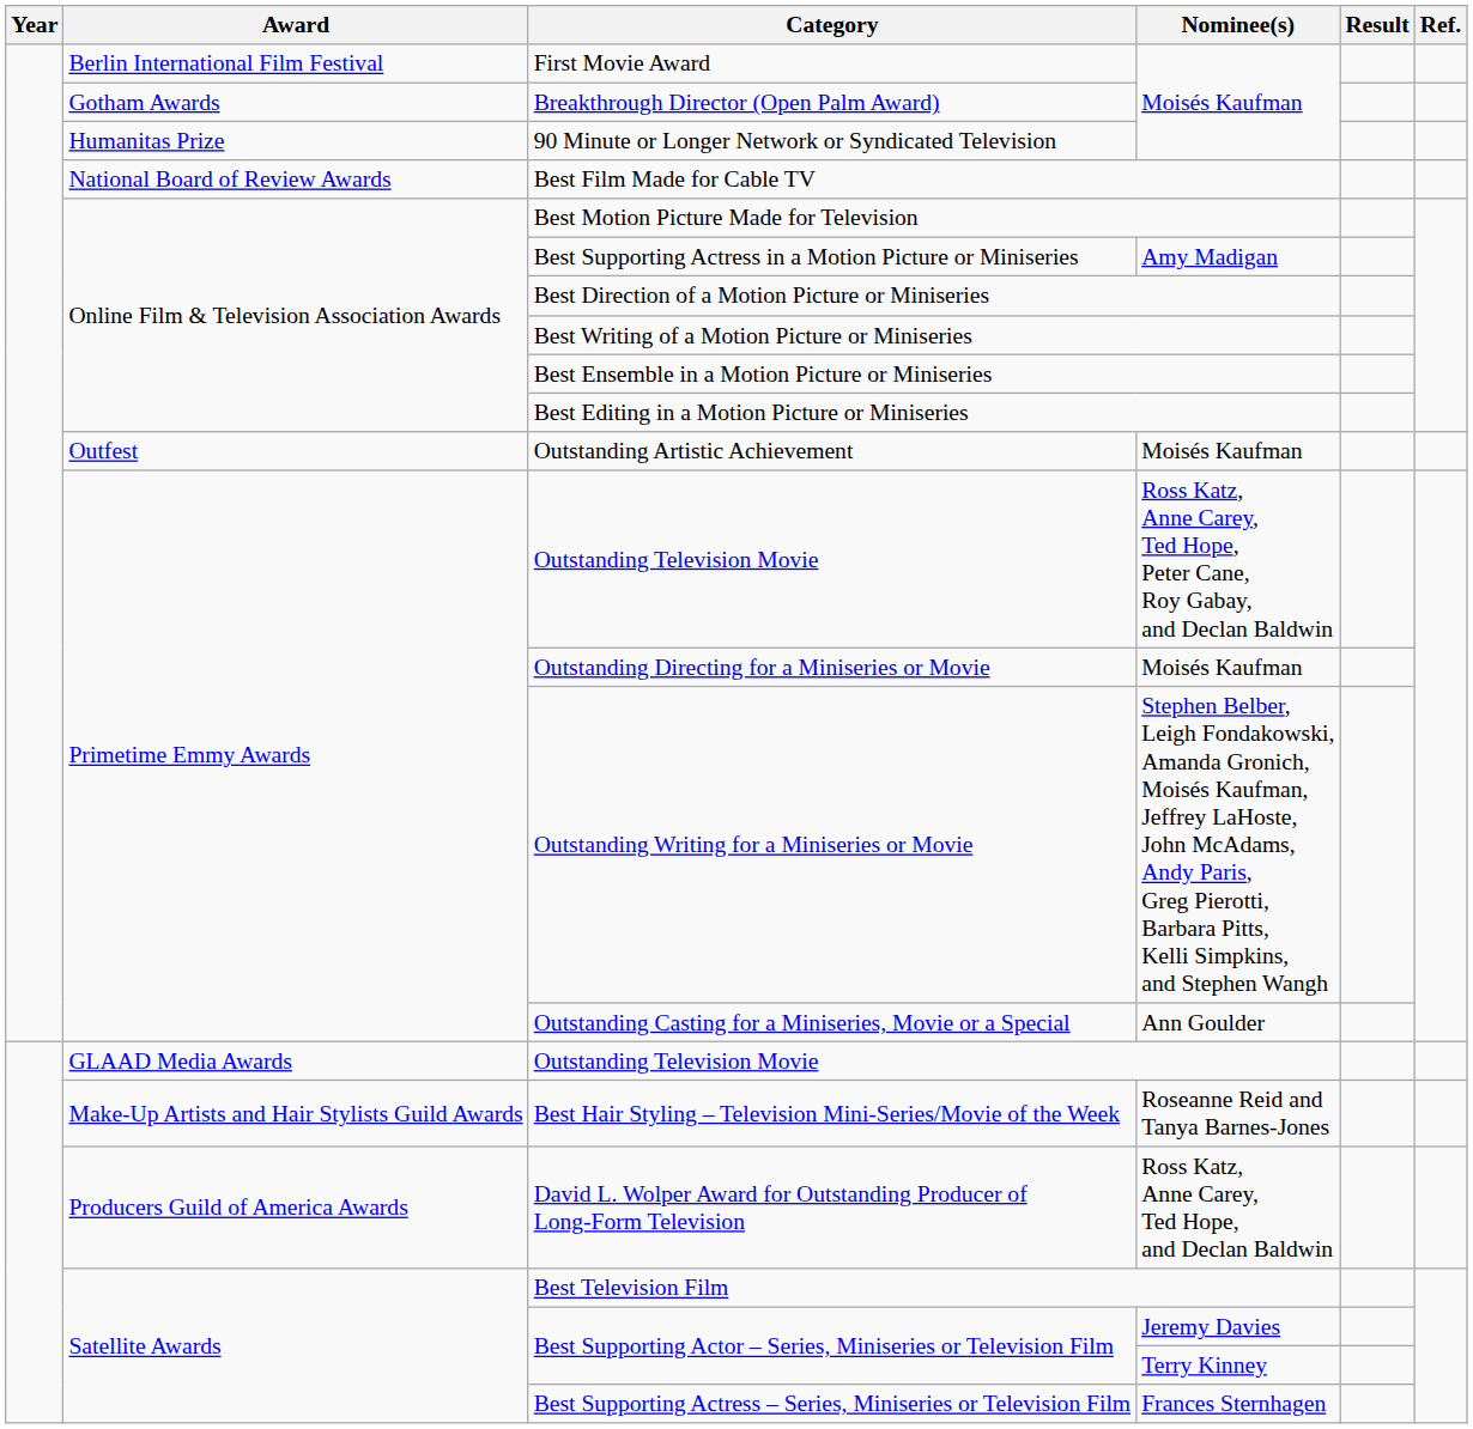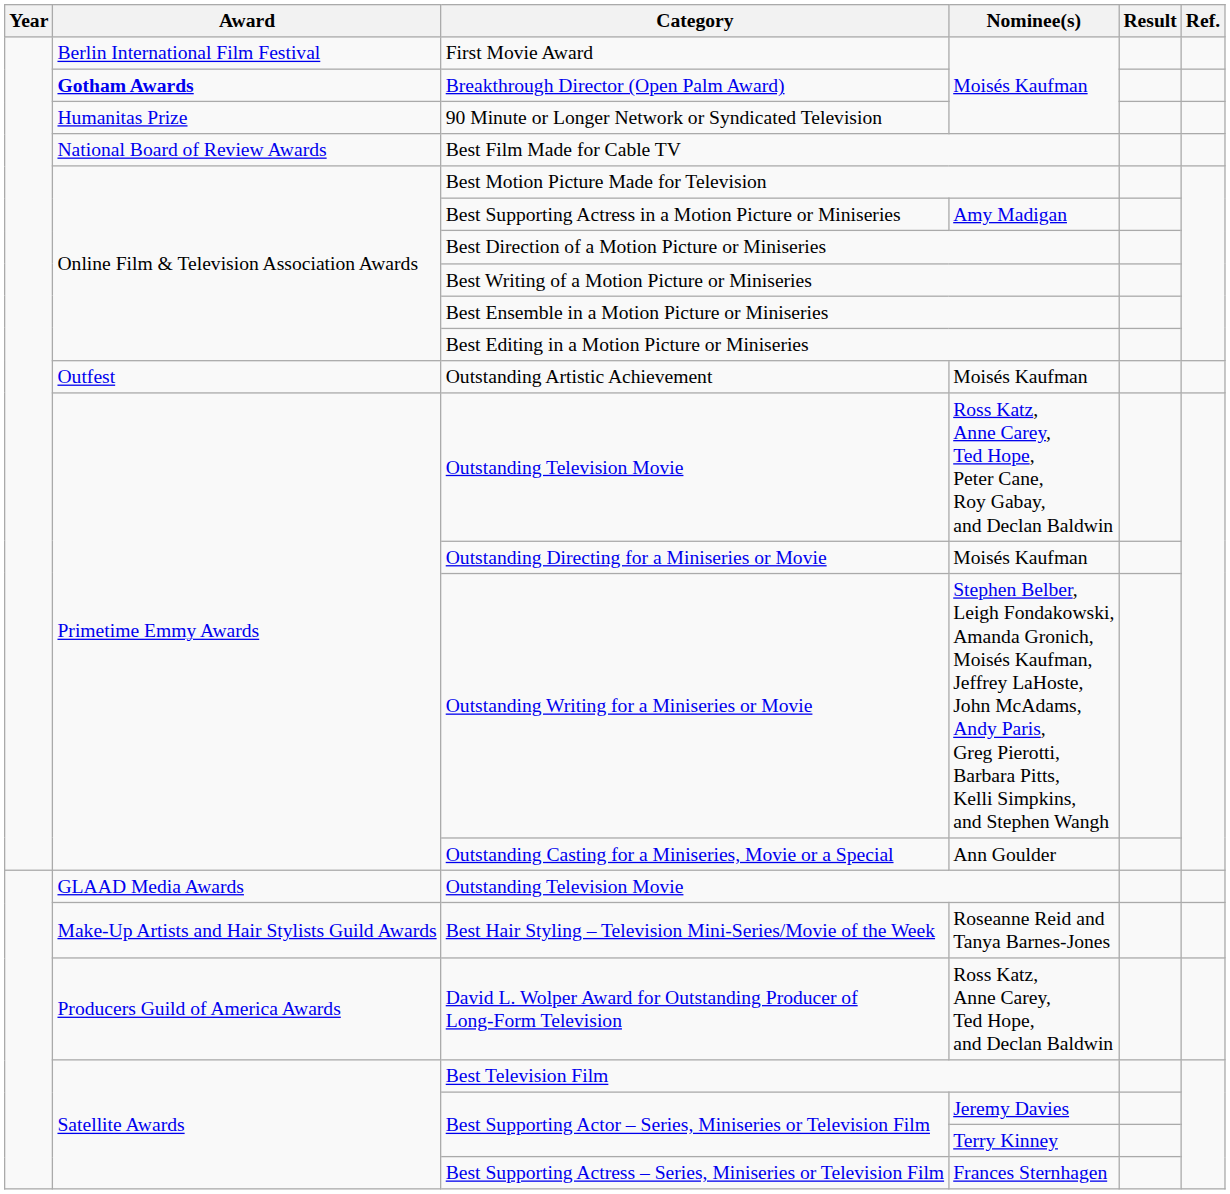 <table class="wikitable sortable" style="font-size: 95%;">
 <tr>
 <th>Year</th>
 <th>Award</th>
 <th>Category</th>
 <th>Nominee(s)</th>
 <th>Result</th>
 <th>Ref.</th>
 </tr>
 <tr>
 <td rowspan="15"></td>
 <td><a href='#'>Berlin International Film Festival</a></td>
 <td>First Movie Award</td>
 <td rowspan="3"><a href='#'>Moisés Kaufman</a></td>
 <td></td>
 <td align="center"></td>
 </tr>
 <tr>
-<td><a href='#'>Gotham Awards</a></td>
+<td><strong><a href='#'>Gotham Awards</a></strong></td>
 <td><a href='#'>Breakthrough Director (Open Palm Award)</a></td>
 <td></td>
 <td align="center"></td>
 </tr>
 <tr>
 <td><a href='#'>Humanitas Prize</a></td>
 <td>90 Minute or Longer Network or Syndicated Television</td>
 <td></td>
 <td align="center"></td>
 </tr>
 <tr>
 <td><a href='#'>National Board of Review Awards</a></td>
 <td colspan="2">Best Film Made for Cable TV</td>
 <td></td>
 <td align="center"></td>
 </tr>
 <tr>
 <td rowspan="6">Online Film & Television Association Awards</td>
 <td colspan="2">Best Motion Picture Made for Television</td>
 <td></td>
 <td align="center" rowspan="6"></td>
 </tr>
 <tr>
 <td>Best Supporting Actress in a Motion Picture or Miniseries</td>
 <td><a href='#'>Amy Madigan</a></td>
 <td></td>
 </tr>
 <tr>
 <td colspan="2">Best Direction of a Motion Picture or Miniseries</td>
 <td></td>
 </tr>
 <tr>
 <td colspan="2">Best Writing of a Motion Picture or Miniseries</td>
 <td></td>
 </tr>
 <tr>
 <td colspan="2">Best Ensemble in a Motion Picture or Miniseries</td>
 <td></td>
 </tr>
 <tr>
 <td colspan="2">Best Editing in a Motion Picture or Miniseries</td>
 <td></td>
 </tr>
 <tr>
 <td><a href='#'>Outfest</a></td>
 <td>Outstanding Artistic Achievement</td>
 <td>Moisés Kaufman</td>
 <td></td>
 <td align="center"></td>
 </tr>
 <tr>
 <td rowspan="4"><a href='#'>Primetime Emmy Awards</a></td>
 <td><a href='#'>Outstanding Television Movie</a></td>
 <td><a href='#'>Ross Katz</a>, <br> <a href='#'>Anne Carey</a>, <br> <a href='#'>Ted Hope</a>, <br> Peter Cane, <br> Roy Gabay, <br> and Declan Baldwin</td>
 <td></td>
 <td align="center" rowspan="4"></td>
 </tr>
 <tr>
 <td><a href='#'>Outstanding Directing for a Miniseries or Movie</a></td>
 <td>Moisés Kaufman</td>
 <td></td>
 </tr>
 <tr>
 <td><a href='#'>Outstanding Writing for a Miniseries or Movie</a></td>
 <td><a href='#'>Stephen Belber</a>, <br> Leigh Fondakowski, <br> Amanda Gronich, <br> Moisés Kaufman, <br> Jeffrey LaHoste, <br> John McAdams, <br> <a href='#'>Andy Paris</a>, <br> Greg Pierotti, <br> Barbara Pitts, <br> Kelli Simpkins, <br> and Stephen Wangh</td>
 <td></td>
 </tr>
 <tr>
 <td><a href='#'>Outstanding Casting for a Miniseries, Movie or a Special</a></td>
 <td>Ann Goulder</td>
 <td></td>
 </tr>
 <tr>
 <td rowspan="7"></td>
 <td><a href='#'>GLAAD Media Awards</a></td>
 <td colspan="2"><a href='#'>Outstanding Television Movie</a></td>
 <td></td>
 <td align="center"></td>
 </tr>
 <tr>
 <td><a href='#'>Make-Up Artists and Hair Stylists Guild Awards</a></td>
 <td><a href='#'>Best Hair Styling – Television Mini-Series/Movie of the Week</a></td>
 <td>Roseanne Reid and <br> Tanya Barnes-Jones</td>
 <td></td>
 <td align="center"></td>
 </tr>
 <tr>
 <td><a href='#'>Producers Guild of America Awards</a></td>
 <td><a href='#'>David L. Wolper Award for Outstanding Producer of <br> Long-Form Television</a></td>
 <td>Ross Katz, <br> Anne Carey, <br> Ted Hope, <br> and Declan Baldwin</td>
 <td></td>
 <td align="center"></td>
 </tr>
 <tr>
 <td rowspan="4"><a href='#'>Satellite Awards</a></td>
 <td colspan="2"><a href='#'>Best Television Film</a></td>
 <td></td>
 <td align="center" rowspan="4"></td>
 </tr>
 <tr>
 <td rowspan="2"><a href='#'>Best Supporting Actor – Series, Miniseries or Television Film</a></td>
 <td><a href='#'>Jeremy Davies</a></td>
 <td></td>
 </tr>
 <tr>
 <td><a href='#'>Terry Kinney</a></td>
 <td></td>
 </tr>
 <tr>
 <td><a href='#'>Best Supporting Actress – Series, Miniseries or Television Film</a></td>
 <td><a href='#'>Frances Sternhagen</a></td>
 <td></td>
 </tr>
 </table>
